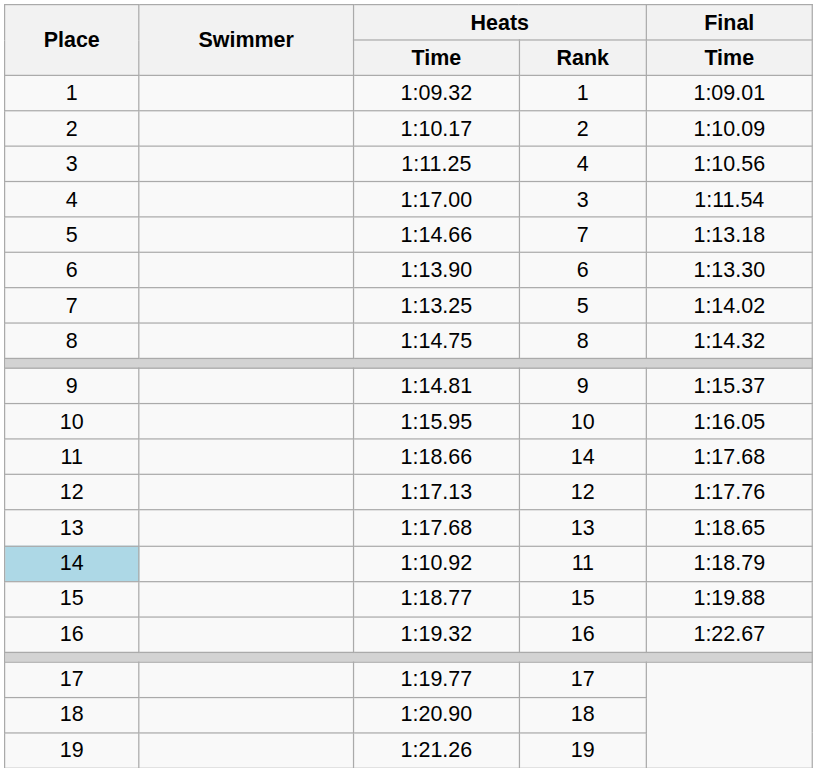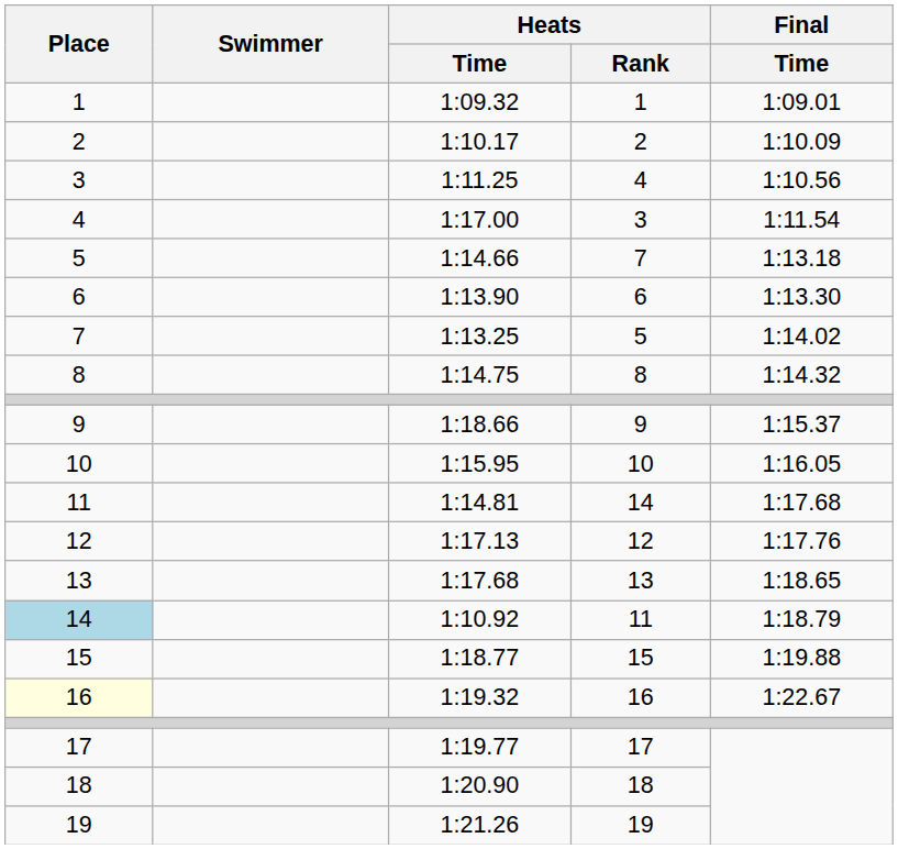 <table class="wikitable" style=" text-align:center; font-size:110%;" width="75%">
 <tr>
 <th rowspan="2">Place</th>
 <th rowspan="2">Swimmer</th>
 <th colspan="2">Heats</th>
 <th>Final</th>
 </tr>
 <tr>
 <th>Time</th>
 <th>Rank</th>
 <th>Time</th>
 </tr>
 <tr>
 <td>1</td>
 <td align="left"></td>
 <td>1:09.32</td>
 <td>1</td>
 <td>1:09.01</td>
 </tr>
 <tr>
 <td>2</td>
 <td align=left></td>
 <td>1:10.17</td>
 <td>2</td>
 <td>1:10.09</td>
 </tr>
 <tr>
 <td>3</td>
 <td align=left></td>
 <td>1:11.25</td>
 <td>4</td>
 <td>1:10.56</td>
 </tr>
 <tr>
 <td>4</td>
 <td align=left></td>
 <td>1:17.00</td>
 <td>3</td>
 <td>1:11.54</td>
 </tr>
 <tr>
 <td>5</td>
 <td align=left></td>
 <td>1:14.66</td>
 <td>7</td>
 <td>1:13.18</td>
 </tr>
 <tr>
 <td>6</td>
 <td align=left></td>
 <td>1:13.90</td>
 <td>6</td>
 <td>1:13.30</td>
 </tr>
 <tr>
 <td>7</td>
 <td align=left></td>
 <td>1:13.25</td>
 <td>5</td>
 <td>1:14.02</td>
 </tr>
 <tr>
 <td>8</td>
 <td align=left></td>
 <td>1:14.75</td>
 <td>8</td>
 <td>1:14.32</td>
 </tr>
 <tr>
 <td colspan=5 bgcolor=lightgray></td>
 </tr>
 <tr>
 <td>9</td>
 <td align=left></td>
-<td>1:14.81</td>
+<td>1:18.66</td>
 <td>9</td>
 <td>1:15.37</td>
 </tr>
 <tr>
 <td>10</td>
 <td align=left></td>
 <td>1:15.95</td>
 <td>10</td>
 <td>1:16.05</td>
 </tr>
 <tr>
 <td>11</td>
 <td align=left></td>
-<td>1:18.66</td>
+<td>1:14.81</td>
 <td>14</td>
 <td>1:17.68</td>
 </tr>
 <tr>
 <td>12</td>
 <td align=left></td>
 <td>1:17.13</td>
 <td>12</td>
 <td>1:17.76</td>
 </tr>
 <tr>
 <td>13</td>
 <td align=left></td>
 <td>1:17.68</td>
 <td>13</td>
 <td>1:18.65</td>
 </tr>
 <tr>
 <td style="background: lightblue;">14</td>
 <td align=left></td>
 <td>1:10.92</td>
 <td>11</td>
 <td>1:18.79</td>
 </tr>
 <tr>
 <td>15</td>
 <td align=left></td>
 <td>1:18.77</td>
 <td>15</td>
 <td>1:19.88</td>
 </tr>
 <tr>
-<td>16</td>
+<td style="background: lightyellow;">16</td>
 <td align=left></td>
 <td>1:19.32</td>
 <td>16</td>
 <td>1:22.67</td>
 </tr>
 <tr>
 <td colspan=5 bgcolor=lightgray></td>
 </tr>
 <tr>
 <td>17</td>
 <td align=left></td>
 <td>1:19.77</td>
 <td>17</td>
 </tr>
 <tr>
 <td>18</td>
 <td align=left></td>
 <td>1:20.90</td>
 <td>18</td>
 </tr>
 <tr>
 <td>19</td>
 <td align=left></td>
 <td>1:21.26</td>
 <td>19</td>
 </tr>
 </table>
